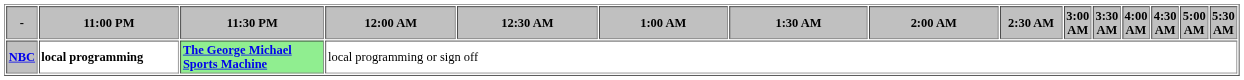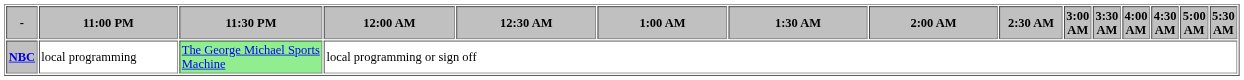 <table border="1" cellpadding="2">
 <tr>
 <th bgcolor="#C0C0C0">-</th>
 <th width="13%" bgcolor="#C0C0C0">11:00 PM</th>
 <th width="14%" bgcolor="#C0C0C0">11:30 PM</th>
 <th width="13%" bgcolor="#C0C0C0">12:00 AM</th>
 <th width="14%" bgcolor="#C0C0C0">12:30 AM</th>
 <th width="13%" bgcolor="#C0C0C0">1:00 AM</th>
 <th width="14%" bgcolor="#C0C0C0">1:30 AM</th>
 <th width="13%" bgcolor="#C0C0C0">2:00 AM</th>
 <th width="14%" bgcolor="#C0C0C0">2:30 AM</th>
 <th width="13%" bgcolor="#C0C0C0">3:00 AM</th>
 <th width="14%" bgcolor="#C0C0C0">3:30 AM</th>
 <th width="13%" bgcolor="#C0C0C0">4:00 AM</th>
 <th width="14%" bgcolor="#C0C0C0">4:30 AM</th>
 <th width="13%" bgcolor="#C0C0C0">5:00 AM</th>
 <th width="14%" bgcolor="#C0C0C0">5:30 AM</th>
 </tr>
 <tr>
 <th bgcolor="#C0C0C0"><a href='#'>NBC</a></th>
-<td bgcolor="white"><strong>local programming</strong></td>
-<td bgcolor="lightgreen" colspan="1"><strong><a href='#'>The George Michael Sports Machine</a></strong></td>
+<td bgcolor="white">local programming</td>
+<td bgcolor="lightgreen" colspan="1"><a href='#'>The George Michael Sports Machine</a></td>
 <td bgcolor="white" colspan="12">local programming or sign off</td>
 </tr>
 </table>
